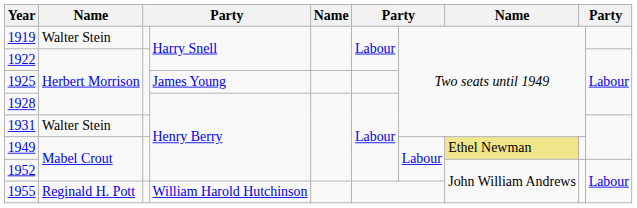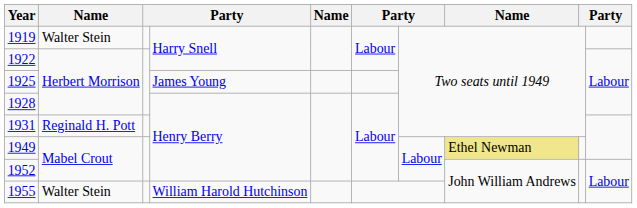 <table class="wikitable">
 <tr>
 <th>Year</th>
 <th>Name</th>
 <th colspan=2>Party</th>
 <th>Name</th>
 <th colspan=2>Party</th>
 <th>Name</th>
 <th colspan=2>Party</th>
 </tr>
 <tr>
 <td><a href='#'>1919</a></td>
 <td>Walter Stein</td>
 <td></td>
 <td rowspan=2><a href='#'>Harry Snell</a></td>
 <td rowspan=2 style="background-color: "></td>
 <td rowspan=2><a href='#'>Labour</a></td>
 <td rowspan=5 colspan=3 align="center"><em>Two seats until 1949</em></td>
 </tr>
 <tr>
 <td><a href='#'>1922</a></td>
 <td rowspan=3><a href='#'>Herbert Morrison</a></td>
 <td rowspan=3 style="background-color: "></td>
 <td rowspan=3><a href='#'>Labour</a></td>
 </tr>
 <tr>
 <td><a href='#'>1925</a></td>
 <td><a href='#'>James Young</a></td>
 <td></td>
 </tr>
 <tr>
 <td><a href='#'>1928</a></td>
 <td rowspan=4><a href='#'>Henry Berry</a></td>
 <td rowspan=4 style="background-color: "></td>
 <td rowspan=4><a href='#'>Labour</a></td>
 </tr>
 <tr>
 <td><a href='#'>1931</a></td>
-<td>Walter Stein</td>
+<td><a href='#'>Reginald H. Pott</a></td>
 <td></td>
 </tr>
 <tr>
 <td><a href='#'>1949</a></td>
 <td rowspan=2><a href='#'>Mabel Crout</a></td>
 <td rowspan=2 style="background-color: "></td>
 <td rowspan=2><a href='#'>Labour</a></td>
 <td style="background: khaki;">Ethel Newman</td>
 <td></td>
 </tr>
 <tr>
 <td><a href='#'>1952</a></td>
 <td rowspan=2>John William Andrews</td>
 <td rowspan=2 style="background-color: "></td>
 <td rowspan=2><a href='#'>Labour</a></td>
 </tr>
 <tr>
 <td><a href='#'>1955</a></td>
-<td><a href='#'>Reginald H. Pott</a></td>
+<td>Walter Stein</td>
 <td></td>
 <td><a href='#'>William Harold Hutchinson</a></td>
 <td></td>
 </tr>
 </table>
